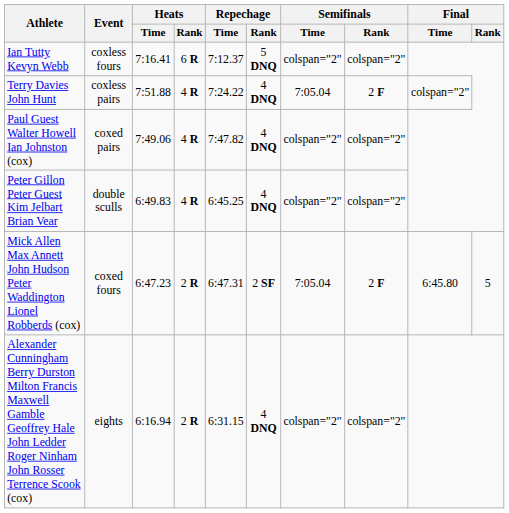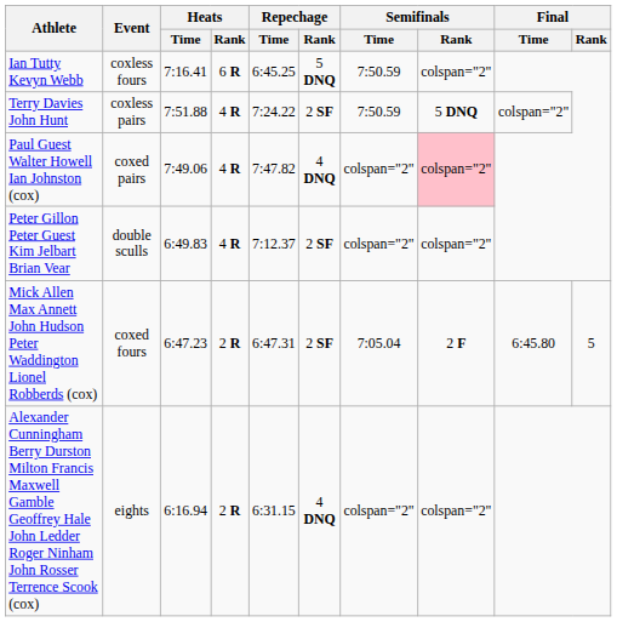 <table class="wikitable" style="font-size:90%">
 <tr>
 <th rowspan="2">Athlete</th>
 <th rowspan="2">Event</th>
 <th colspan="2">Heats</th>
 <th colspan="2">Repechage</th>
 <th colspan="2">Semifinals</th>
 <th colspan="2">Final</th>
 </tr>
 <tr style="font-size:95%">
 <th>Time</th>
 <th>Rank</th>
 <th>Time</th>
 <th>Rank</th>
 <th>Time</th>
 <th>Rank</th>
 <th>Time</th>
 <th>Rank</th>
 </tr>
 <tr align=center>
 <td align=left><a href='#'>Ian Tutty</a><br><a href='#'>Kevyn Webb</a></td>
 <td>coxless fours<br></td>
 <td>7:16.41</td>
 <td>6 <strong>R</strong></td>
-<td>7:12.37</td>
+<td>6:45.25</td>
 <td>5 <strong>DNQ</strong></td>
-<td>colspan="2" </td>
+<td>7:50.59</td>
 <td>colspan="2" </td>
 </tr>
 <tr align=center>
 <td align=left><a href='#'>Terry Davies</a><br><a href='#'>John Hunt</a></td>
 <td>coxless pairs<br></td>
 <td>7:51.88</td>
 <td>4 <strong>R</strong></td>
 <td>7:24.22</td>
-<td>4 <strong>DNQ</strong></td>
-<td>7:05.04</td>
-<td>2 <strong>F</strong></td>
+<td>2 <strong>SF</strong></td>
+<td>7:50.59</td>
+<td>5 <strong>DNQ</strong></td>
 <td>colspan="2" </td>
 </tr>
 <tr align=center>
 <td align=left><a href='#'>Paul Guest</a><br><a href='#'>Walter Howell</a><br><a href='#'>Ian Johnston</a> (cox)</td>
 <td>coxed pairs<br></td>
 <td>7:49.06</td>
 <td>4 <strong>R</strong></td>
 <td>7:47.82</td>
 <td>4 <strong>DNQ</strong></td>
 <td>colspan="2" </td>
-<td>colspan="2" </td>
+<td style="background: pink;">colspan="2" </td>
 </tr>
 <tr align=center>
 <td align=left><a href='#'>Peter Gillon</a><br><a href='#'>Peter Guest</a><br><a href='#'>Kim Jelbart</a><br><a href='#'>Brian Vear</a></td>
 <td>double sculls<br></td>
 <td>6:49.83</td>
 <td>4 <strong>R</strong></td>
-<td>6:45.25</td>
-<td>4 <strong>DNQ</strong></td>
+<td>7:12.37</td>
+<td>2 <strong>SF</strong></td>
 <td>colspan="2" </td>
 <td>colspan="2" </td>
 </tr>
 <tr align=center>
 <td align=left><a href='#'>Mick Allen</a><br><a href='#'>Max Annett</a><br><a href='#'>John Hudson</a><br><a href='#'>Peter Waddington</a><br><a href='#'>Lionel Robberds</a> (cox)</td>
 <td>coxed fours<br></td>
 <td>6:47.23</td>
 <td>2 <strong>R</strong></td>
 <td>6:47.31</td>
 <td>2 <strong>SF</strong></td>
 <td>7:05.04</td>
 <td>2 <strong>F</strong></td>
 <td>6:45.80</td>
 <td>5</td>
 </tr>
 <tr align=center>
 <td align=left><a href='#'>Alexander Cunningham</a><br><a href='#'>Berry Durston</a><br><a href='#'>Milton Francis</a><br><a href='#'>Maxwell Gamble</a><br><a href='#'>Geoffrey Hale</a><br><a href='#'>John Ledder</a><br><a href='#'>Roger Ninham</a><br><a href='#'>John Rosser</a><br><a href='#'>Terrence Scook</a> (cox)</td>
 <td>eights<br></td>
 <td>6:16.94</td>
 <td>2 <strong>R</strong></td>
 <td>6:31.15</td>
 <td>4 <strong>DNQ</strong></td>
 <td>colspan="2" </td>
 <td>colspan="2" </td>
 </tr>
 </table>
